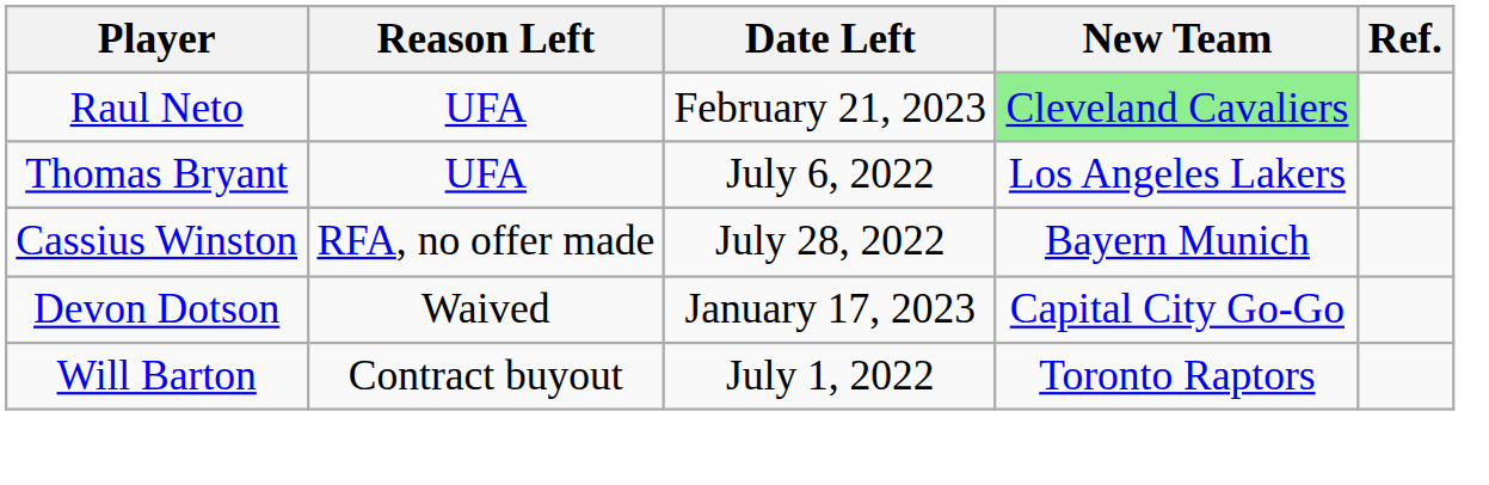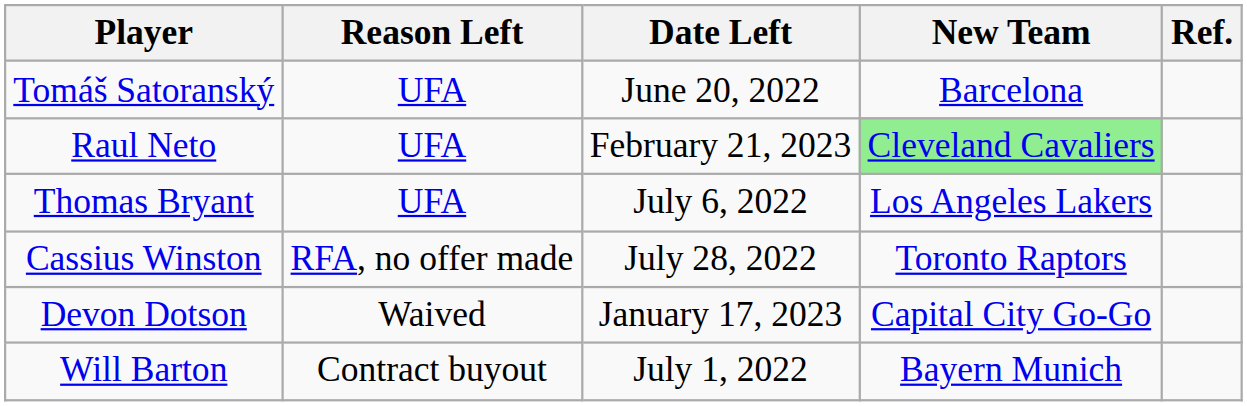 <table class="wikitable sortable sortable" style="text-align: center">
 <tr>
 <th>Player</th>
 <th>Reason Left</th>
 <th>Date Left</th>
 <th>New Team</th>
 <th>Ref.</th>
+</tr>
+<tr>
+<td><a href='#'>Tomáš Satoranský</a></td>
+<td><a href='#'>UFA</a></td>
+<td>June 20, 2022</td>
+<td><a href='#'>Barcelona</a> </td>
+<td></td>
 </tr>
 <tr>
 <td><a href='#'>Raul Neto</a></td>
 <td><a href='#'>UFA</a></td>
 <td>February 21, 2023</td>
 <td style="background: lightgreen;"><a href='#'>Cleveland Cavaliers</a></td>
 <td></td>
 </tr>
 <tr>
 <td><a href='#'>Thomas Bryant</a></td>
 <td><a href='#'>UFA</a></td>
 <td>July 6, 2022</td>
 <td><a href='#'>Los Angeles Lakers</a></td>
 <td></td>
 </tr>
 <tr>
 <td><a href='#'>Cassius Winston</a></td>
 <td><a href='#'>RFA</a>, no offer made</td>
 <td>July 28, 2022</td>
-<td><a href='#'>Bayern Munich</a> </td>
+<td><a href='#'>Toronto Raptors</a></td>
 <td></td>
 </tr>
 <tr>
 <td><a href='#'>Devon Dotson</a></td>
 <td>Waived</td>
 <td>January 17, 2023</td>
 <td><a href='#'>Capital City Go-Go</a></td>
 <td></td>
 </tr>
 <tr>
 <td><a href='#'>Will Barton</a></td>
 <td>Contract buyout</td>
 <td>July 1, 2022</td>
-<td><a href='#'>Toronto Raptors</a></td>
+<td><a href='#'>Bayern Munich</a> </td>
 <td></td>
 </tr>
 </table>
